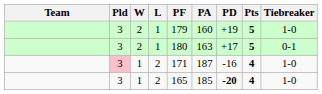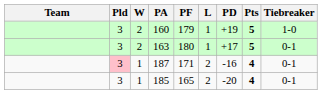 <table class="wikitable" style="text-align:center;">
 <tr>
 <th width=150>Team</th>
 <th width=20>Pld</th>
 <th width=20>W</th>
+<th width=30>PA</th>
+<th width=30>PF</th>
 <th width=20>L</th>
-<th width=30>PF</th>
-<th width=30>PA</th>
 <th width=30>PD</th>
 <th width=20>Pts</th>
 <th width=50>Tiebreaker</th>
 </tr>
 <tr bgcolor="#ccffcc">
 <td align="left"></td>
 <td>3</td>
 <td>2</td>
+<td>160</td>
+<td>179</td>
 <td>1</td>
-<td>179</td>
-<td>160</td>
 <td>+19</td>
 <td><strong>5</strong></td>
 <td>1-0</td>
 </tr>
 <tr bgcolor="#ccffcc">
 <td align="left"></td>
 <td>3</td>
 <td>2</td>
+<td>163</td>
+<td>180</td>
 <td>1</td>
-<td>180</td>
-<td>163</td>
 <td>+17</td>
 <td><strong>5</strong></td>
 <td>0-1</td>
 </tr>
 <tr>
 <td align="left"></td>
 <td style="background: pink;">3</td>
 <td>1</td>
+<td>187</td>
+<td>171</td>
 <td>2</td>
-<td>171</td>
-<td>187</td>
 <td>-16</td>
 <td><strong>4</strong></td>
-<td>1-0</td>
+<td>0-1</td>
 </tr>
 <tr>
 <td align="left"></td>
 <td>3</td>
 <td>1</td>
+<td>185</td>
+<td>165</td>
 <td>2</td>
-<td>165</td>
-<td>185</td>
-<td><strong>-20</strong></td>
+<td>-20</td>
 <td><strong>4</strong></td>
-<td>1-0</td>
+<td>0-1</td>
 </tr>
 </table>
